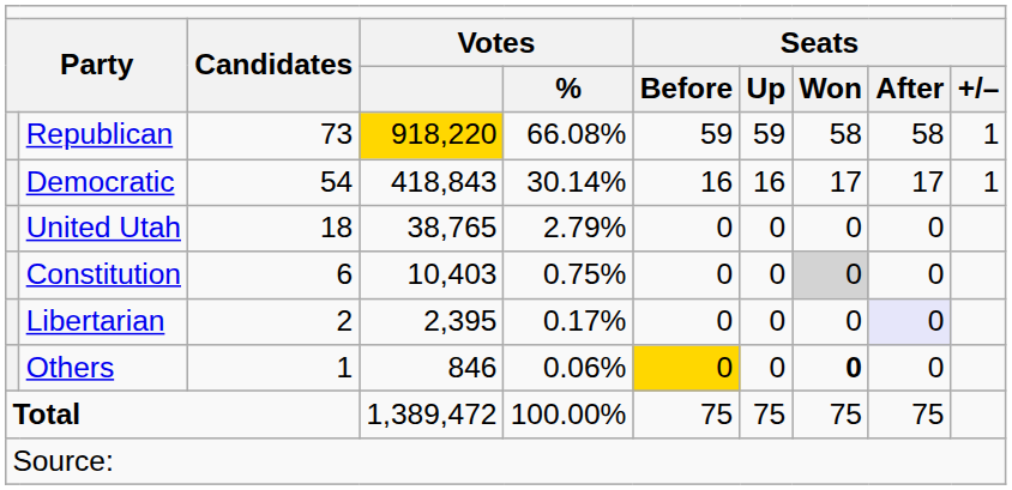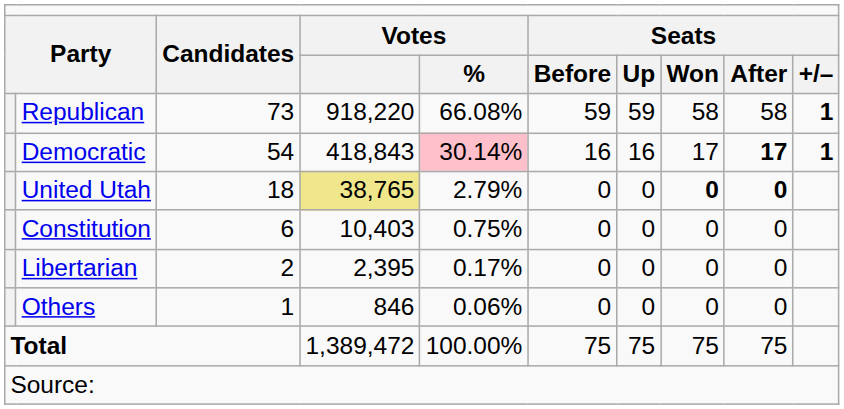 <table class="wikitable">
 <tr>
 <td colspan=15 align=center></td>
 </tr>
 <tr>
 <th rowspan="2" colspan="2">Party</th>
 <th rowspan="2">Candidates</th>
 <th colspan="2">Votes</th>
 <th colspan="5">Seats</th>
 </tr>
 <tr>
 <th></th>
 <th>%</th>
 <th>Before</th>
 <th>Up</th>
 <th>Won</th>
 <th>After</th>
 <th>+/–</th>
 </tr>
 <tr>
 <th style="background-color:"></th>
 <td><a href='#'>Republican</a></td>
 <td align="right">73</td>
-<td align="right" style="background: gold;">918,220</td>
+<td align="right">918,220</td>
 <td align="right">66.08%</td>
 <td align="right">59</td>
 <td align="right">59</td>
 <td align="right">58</td>
 <td align="right">58</td>
-<td align="right"> 1</td>
+<td align="right"><strong> 1</strong></td>
 </tr>
 <tr>
 <th style="background-color:"></th>
 <td><a href='#'>Democratic</a></td>
 <td align="right">54</td>
 <td align="right">418,843</td>
-<td align="right">30.14%</td>
+<td align="right" style="background: pink;">30.14%</td>
 <td align="right">16</td>
 <td align="right">16</td>
 <td align="right">17</td>
-<td align="right">17</td>
-<td align="right"> 1</td>
+<td align="right"><strong>17</strong></td>
+<td align="right"><strong> 1</strong></td>
 </tr>
 <tr>
 <th style="background-color:"></th>
 <td><a href='#'>United Utah</a></td>
 <td align="right">18</td>
-<td align="right">38,765</td>
+<td align="right" style="background: khaki;">38,765</td>
 <td align="right">2.79%</td>
 <td align="right">0</td>
 <td align="right">0</td>
-<td align="right">0</td>
-<td align="right">0</td>
+<td align="right"><strong>0</strong></td>
+<td align="right"><strong>0</strong></td>
 <td align="right"></td>
 </tr>
 <tr>
 <th style="background-color:"></th>
 <td><a href='#'>Constitution</a></td>
 <td align="right">6</td>
 <td align="right">10,403</td>
 <td align="right">0.75%</td>
 <td align="right">0</td>
 <td align="right">0</td>
-<td align="right" style="background: lightgrey;">0</td>
+<td align="right">0</td>
 <td align="right">0</td>
 <td align="right"></td>
 </tr>
 <tr>
 <th style="background-color:"></th>
 <td><a href='#'>Libertarian</a></td>
 <td align="right">2</td>
 <td align="right">2,395</td>
 <td align="right">0.17%</td>
 <td align="right">0</td>
 <td align="right">0</td>
 <td align="right">0</td>
-<td align="right" style="background: lavender;">0</td>
+<td align="right">0</td>
 <td align="right"></td>
 </tr>
 <tr>
 <th style="background-color:"></th>
 <td><a href='#'>Others</a></td>
 <td align="right">1</td>
 <td align="right">846</td>
 <td align="right">0.06%</td>
-<td align="right" style="background: gold;">0</td>
 <td align="right">0</td>
-<td align="right"><strong>0</strong></td>
+<td align="right">0</td>
+<td align="right">0</td>
 <td align="right">0</td>
 <td align="right"></td>
 </tr>
 <tr>
 <td colspan="3" align="left"><strong>Total</strong></td>
 <td align="right">1,389,472</td>
 <td align="right">100.00%</td>
 <td align="right">75</td>
 <td align="right">75</td>
 <td align="right">75</td>
 <td align="right">75</td>
 <td align="right"></td>
 </tr>
 <tr>
 <td colspan="10">Source: </td>
 </tr>
 </table>
